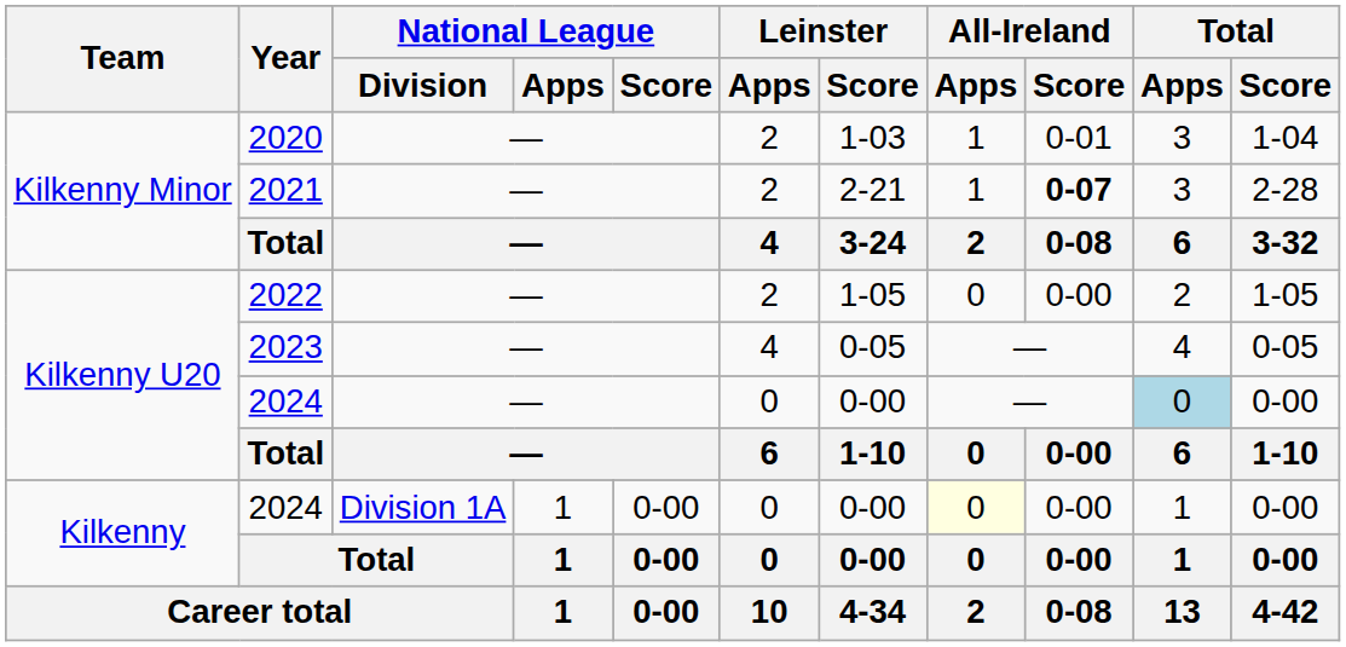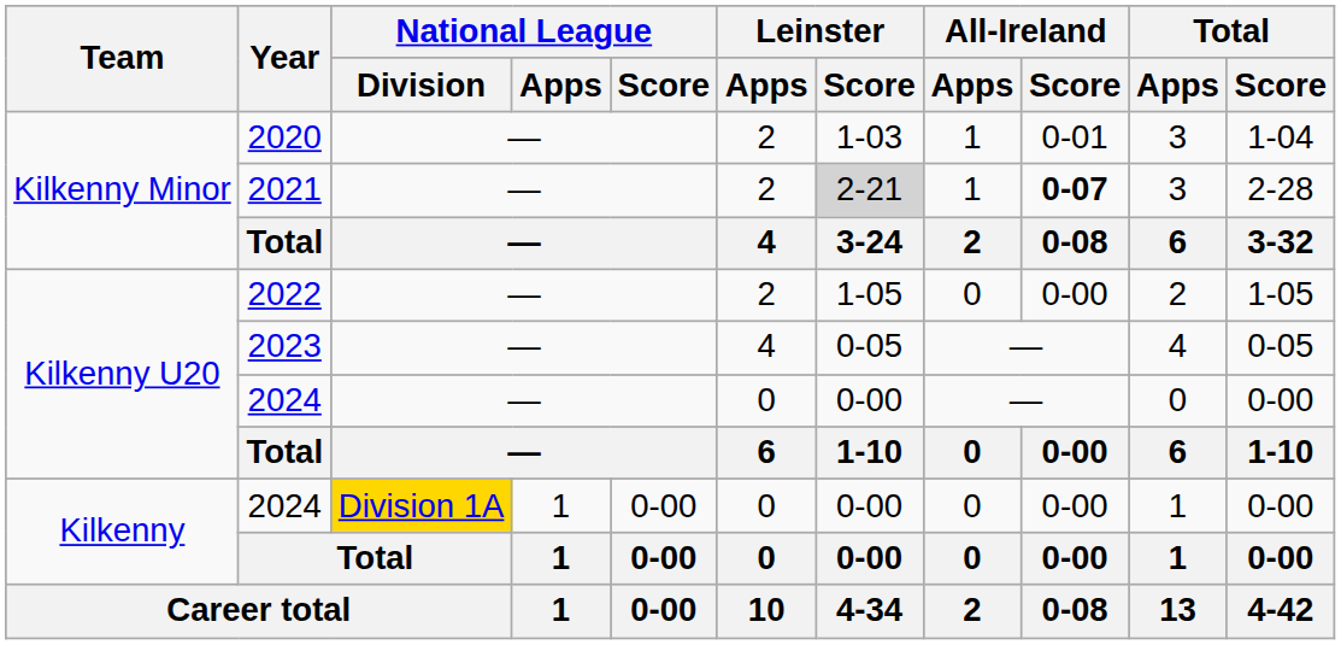 <table class="wikitable" style="text-align:center">
 <tr>
 <th rowspan="2">Team</th>
 <th rowspan="2">Year</th>
 <th colspan="3"><a href='#'>National League</a></th>
 <th colspan="2">Leinster</th>
 <th colspan="2">All-Ireland</th>
 <th colspan="2">Total</th>
 </tr>
 <tr>
 <th>Division</th>
 <th>Apps</th>
 <th>Score</th>
 <th>Apps</th>
 <th>Score</th>
 <th>Apps</th>
 <th>Score</th>
 <th>Apps</th>
 <th>Score</th>
 </tr>
 <tr>
 <td rowspan="3"><a href='#'>Kilkenny Minor</a></td>
 <td><a href='#'>2020</a></td>
 <td colspan=3>—</td>
 <td>2</td>
 <td>1-03</td>
 <td>1</td>
 <td>0-01</td>
 <td>3</td>
 <td>1-04</td>
 </tr>
 <tr>
 <td><a href='#'>2021</a></td>
 <td colspan=3>—</td>
 <td>2</td>
-<td>2-21</td>
+<td style="background: lightgrey;">2-21</td>
 <td>1</td>
 <td><strong>0-07</strong></td>
 <td>3</td>
 <td>2-28</td>
 </tr>
 <tr>
 <th>Total</th>
 <th colspan=3>—</th>
 <th>4</th>
 <th>3-24</th>
 <th>2</th>
 <th>0-08</th>
 <th>6</th>
 <th>3-32</th>
 </tr>
 <tr>
 <td rowspan="4"><a href='#'>Kilkenny U20</a></td>
 <td><a href='#'>2022</a></td>
 <td colspan=3>—</td>
 <td>2</td>
 <td>1-05</td>
 <td>0</td>
 <td>0-00</td>
 <td>2</td>
 <td>1-05</td>
 </tr>
 <tr>
 <td><a href='#'>2023</a></td>
 <td colspan=3>—</td>
 <td>4</td>
 <td>0-05</td>
 <td colspan=2>—</td>
 <td>4</td>
 <td>0-05</td>
 </tr>
 <tr>
 <td><a href='#'>2024</a></td>
 <td colspan=3>—</td>
 <td>0</td>
 <td>0-00</td>
 <td colspan=2>—</td>
-<td style="background: lightblue;">0</td>
+<td>0</td>
 <td>0-00</td>
 </tr>
 <tr>
 <th>Total</th>
 <th colspan=3>—</th>
 <th>6</th>
 <th>1-10</th>
 <th>0</th>
 <th>0-00</th>
 <th>6</th>
 <th>1-10</th>
 </tr>
 <tr>
 <td rowspan="2"><a href='#'>Kilkenny</a></td>
 <td>2024</td>
-<td rowspan="1"><a href='#'>Division 1A</a></td>
+<td rowspan="1" style="background: gold;"><a href='#'>Division 1A</a></td>
 <td>1</td>
 <td>0-00</td>
 <td>0</td>
 <td>0-00</td>
-<td style="background: lightyellow;">0</td>
+<td>0</td>
 <td>0-00</td>
 <td>1</td>
 <td>0-00</td>
 </tr>
 <tr>
 <th colspan="2">Total</th>
 <th>1</th>
 <th>0-00</th>
 <th>0</th>
 <th>0-00</th>
 <th>0</th>
 <th>0-00</th>
 <th>1</th>
 <th>0-00</th>
 </tr>
 <tr>
 <th colspan="3">Career total</th>
 <th>1</th>
 <th>0-00</th>
 <th>10</th>
 <th>4-34</th>
 <th>2</th>
 <th>0-08</th>
 <th>13</th>
 <th>4-42</th>
 </tr>
 </table>
